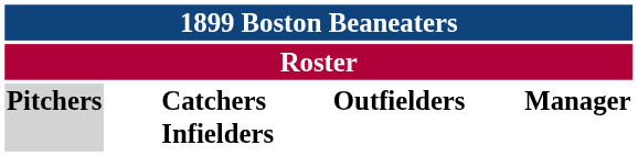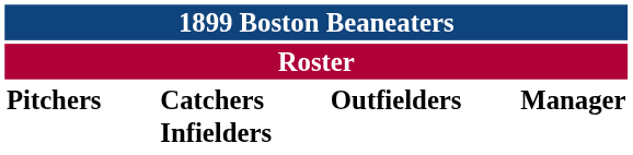 <table class="toccolours" style="font-size: 95%;">
 <tr>
 <th colspan="10" style="background-color: #0f437c; color: white; text-align: center;">1899 Boston Beaneaters</th>
 </tr>
 <tr>
 <td colspan="10" style="background-color: #af0039; color: white; text-align: center;"><strong>Roster</strong></td>
 </tr>
 <tr>
-<td valign="top" style="background: lightgrey;"><strong>Pitchers</strong><br>          </td>
+<td valign="top"><strong>Pitchers</strong><br>          </td>
 <td width="25px"></td>
 <td valign="top"><strong>Catchers</strong><br>    <strong>Infielders</strong>      </td>
 <td width="25px"></td>
 <td valign="top"><strong>Outfielders</strong><br>     </td>
 <td width="25px"></td>
 <td valign="top"><strong>Manager</strong><br></td>
 </tr>
 </table>
